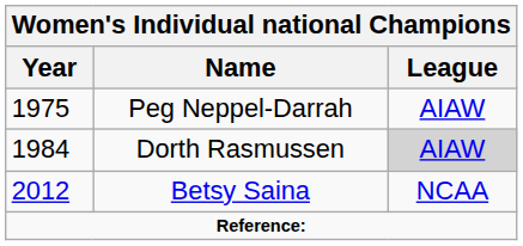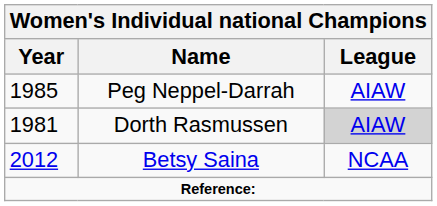 <table class="wikitable">
 <tr>
 <th colspan="3">Women's Individual national Champions</th>
 </tr>
 <tr>
 <th scope="col">Year</th>
 <th scope="col">Name</th>
 <th scope="col">League</th>
 </tr>
 <tr>
-<td>1975</td>
+<td>1985</td>
 <td style="text-align: center;">Peg Neppel-Darrah</td>
 <td style="text-align: center;"><a href='#'>AIAW</a></td>
 </tr>
 <tr>
-<td>1984</td>
+<td>1981</td>
 <td style="text-align: center;">Dorth Rasmussen</td>
 <td style="background: lightgrey; text-align: center;"><a href='#'>AIAW</a></td>
 </tr>
 <tr>
 <td><a href='#'>2012</a></td>
 <td style="text-align: center;"><a href='#'>Betsy Saina</a></td>
 <td style="text-align: center;"><a href='#'>NCAA</a></td>
 </tr>
 <tr>
 <td colspan="3"  style="font-size:8pt; text-align:center;"><strong>Reference:</strong></td>
 </tr>
 </table>
